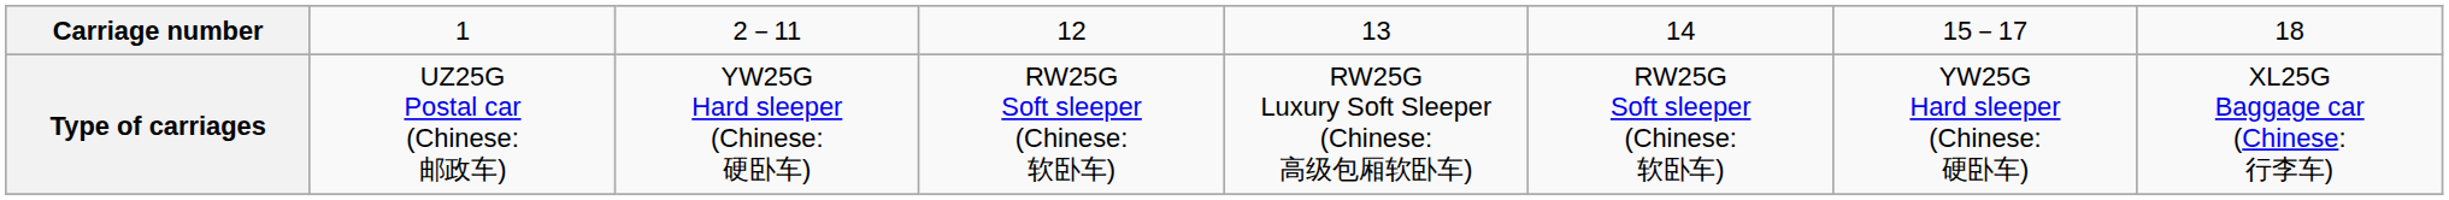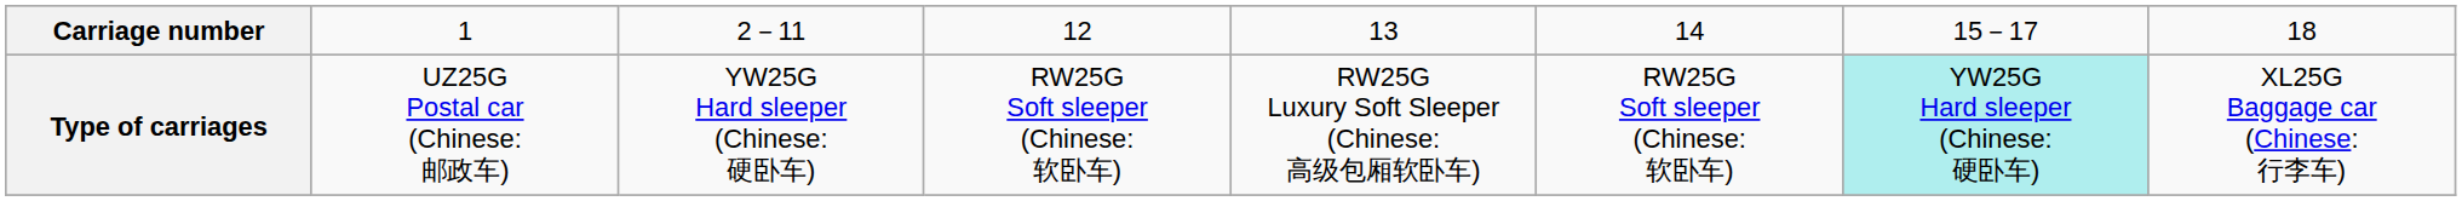 <table class="wikitable" style="text-align: center; font-size: small;">
 <tr>
 <th>Carriage number</th>
 <td>1</td>
 <td>2－11</td>
 <td>12</td>
 <td>13</td>
 <td>14</td>
 <td>15－17</td>
 <td>18</td>
 </tr>
 <tr>
 <th style="width: 10%;">Type of carriages</th>
 <td style="width: 10%;">UZ25G<br><a href='#'>Postal car</a><br>(Chinese:<br>邮政车)</td>
 <td style="width: 10%;">YW25G<br><a href='#'>Hard sleeper</a><br>(Chinese:<br>硬卧车)</td>
 <td style="width: 10%;">RW25G<br><a href='#'>Soft sleeper</a><br>(Chinese:<br>软卧车)</td>
 <td style="width: 10%;">RW25G<br>Luxury Soft Sleeper<br>(Chinese:<br>高级包厢软卧车)</td>
 <td style="width: 10%;">RW25G<br><a href='#'>Soft sleeper</a><br>(Chinese:<br>软卧车)</td>
-<td style="width: 10%;">YW25G<br><a href='#'>Hard sleeper</a><br>(Chinese:<br>硬卧车)</td>
+<td style="background: paleturquoise; width: 10%;">YW25G<br><a href='#'>Hard sleeper</a><br>(Chinese:<br>硬卧车)</td>
 <td style="width: 10%;">XL25G<br><a href='#'>Baggage car</a><br>(<a href='#'>Chinese</a>:<br>行李车)</td>
 </tr>
 </table>
